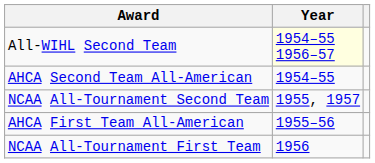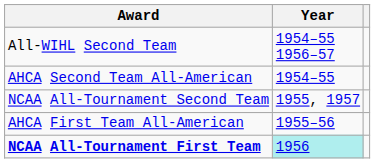 <table class="wikitable">
 <tr>
 <th>Award</th>
 <th>Year</th>
 <th></th>
 </tr>
 <tr>
 <td>All-<a href='#'>WIHL</a> <a href='#'>Second Team</a></td>
-<td style="background: lightyellow;"><a href='#'>1954–55</a><br><a href='#'>1956–57</a></td>
+<td><a href='#'>1954–55</a><br><a href='#'>1956–57</a></td>
 <td></td>
 </tr>
 <tr>
 <td><a href='#'>AHCA</a> <a href='#'>Second Team All-American</a></td>
 <td><a href='#'>1954–55</a></td>
 <td></td>
 </tr>
 <tr>
 <td><a href='#'>NCAA</a> <a href='#'>All-Tournament Second Team</a></td>
 <td><a href='#'>1955</a>, <a href='#'>1957</a></td>
 <td></td>
 </tr>
 <tr>
 <td><a href='#'>AHCA</a> <a href='#'>First Team All-American</a></td>
 <td><a href='#'>1955–56</a></td>
 <td></td>
 </tr>
 <tr>
-<td><a href='#'>NCAA</a> <a href='#'>All-Tournament First Team</a></td>
-<td><a href='#'>1956</a></td>
+<td><strong><a href='#'>NCAA</a> <a href='#'>All-Tournament First Team</a></strong></td>
+<td style="background: paleturquoise;"><a href='#'>1956</a></td>
 <td></td>
 </tr>
 </table>
